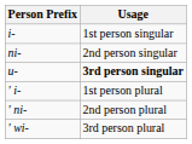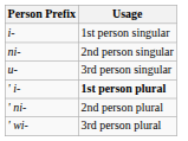 <table class="wikitable">
 <tr>
 <th>Person Prefix</th>
 <th>Usage</th>
 </tr>
 <tr>
 <td><em>i-</em></td>
 <td>1st person singular</td>
 </tr>
 <tr>
 <td><em>ni-</em></td>
 <td>2nd person singular</td>
 </tr>
 <tr>
 <td><em>u-</em></td>
-<td><strong>3rd person singular</strong></td>
+<td>3rd person singular</td>
 </tr>
 <tr>
 <td><em>' i-</em></td>
-<td>1st person plural</td>
+<td><strong>1st person plural</strong></td>
 </tr>
 <tr>
 <td><em>' ni-</em></td>
 <td>2nd person plural</td>
 </tr>
 <tr>
 <td><em>' wi-</em></td>
 <td>3rd person plural</td>
 </tr>
 </table>
